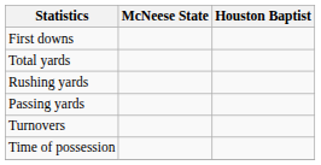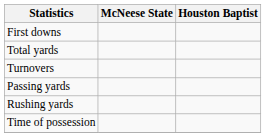 <table class="wikitable">
 <tr>
 <th>Statistics</th>
 <th>McNeese State</th>
 <th>Houston Baptist</th>
 </tr>
 <tr>
 <td>First downs</td>
 <td> </td>
 <td> </td>
 </tr>
 <tr>
 <td>Total yards</td>
 <td> </td>
 <td> </td>
 </tr>
 <tr>
-<td>Rushing yards</td>
+<td>Turnovers</td>
 <td> </td>
 <td> </td>
 </tr>
 <tr>
 <td>Passing yards</td>
 <td> </td>
 <td> </td>
 </tr>
 <tr>
-<td>Turnovers</td>
+<td>Rushing yards</td>
 <td> </td>
 <td> </td>
 </tr>
 <tr>
 <td>Time of possession</td>
 <td> </td>
 <td> </td>
 </tr>
 <tr>
 </tr>
 </table>
